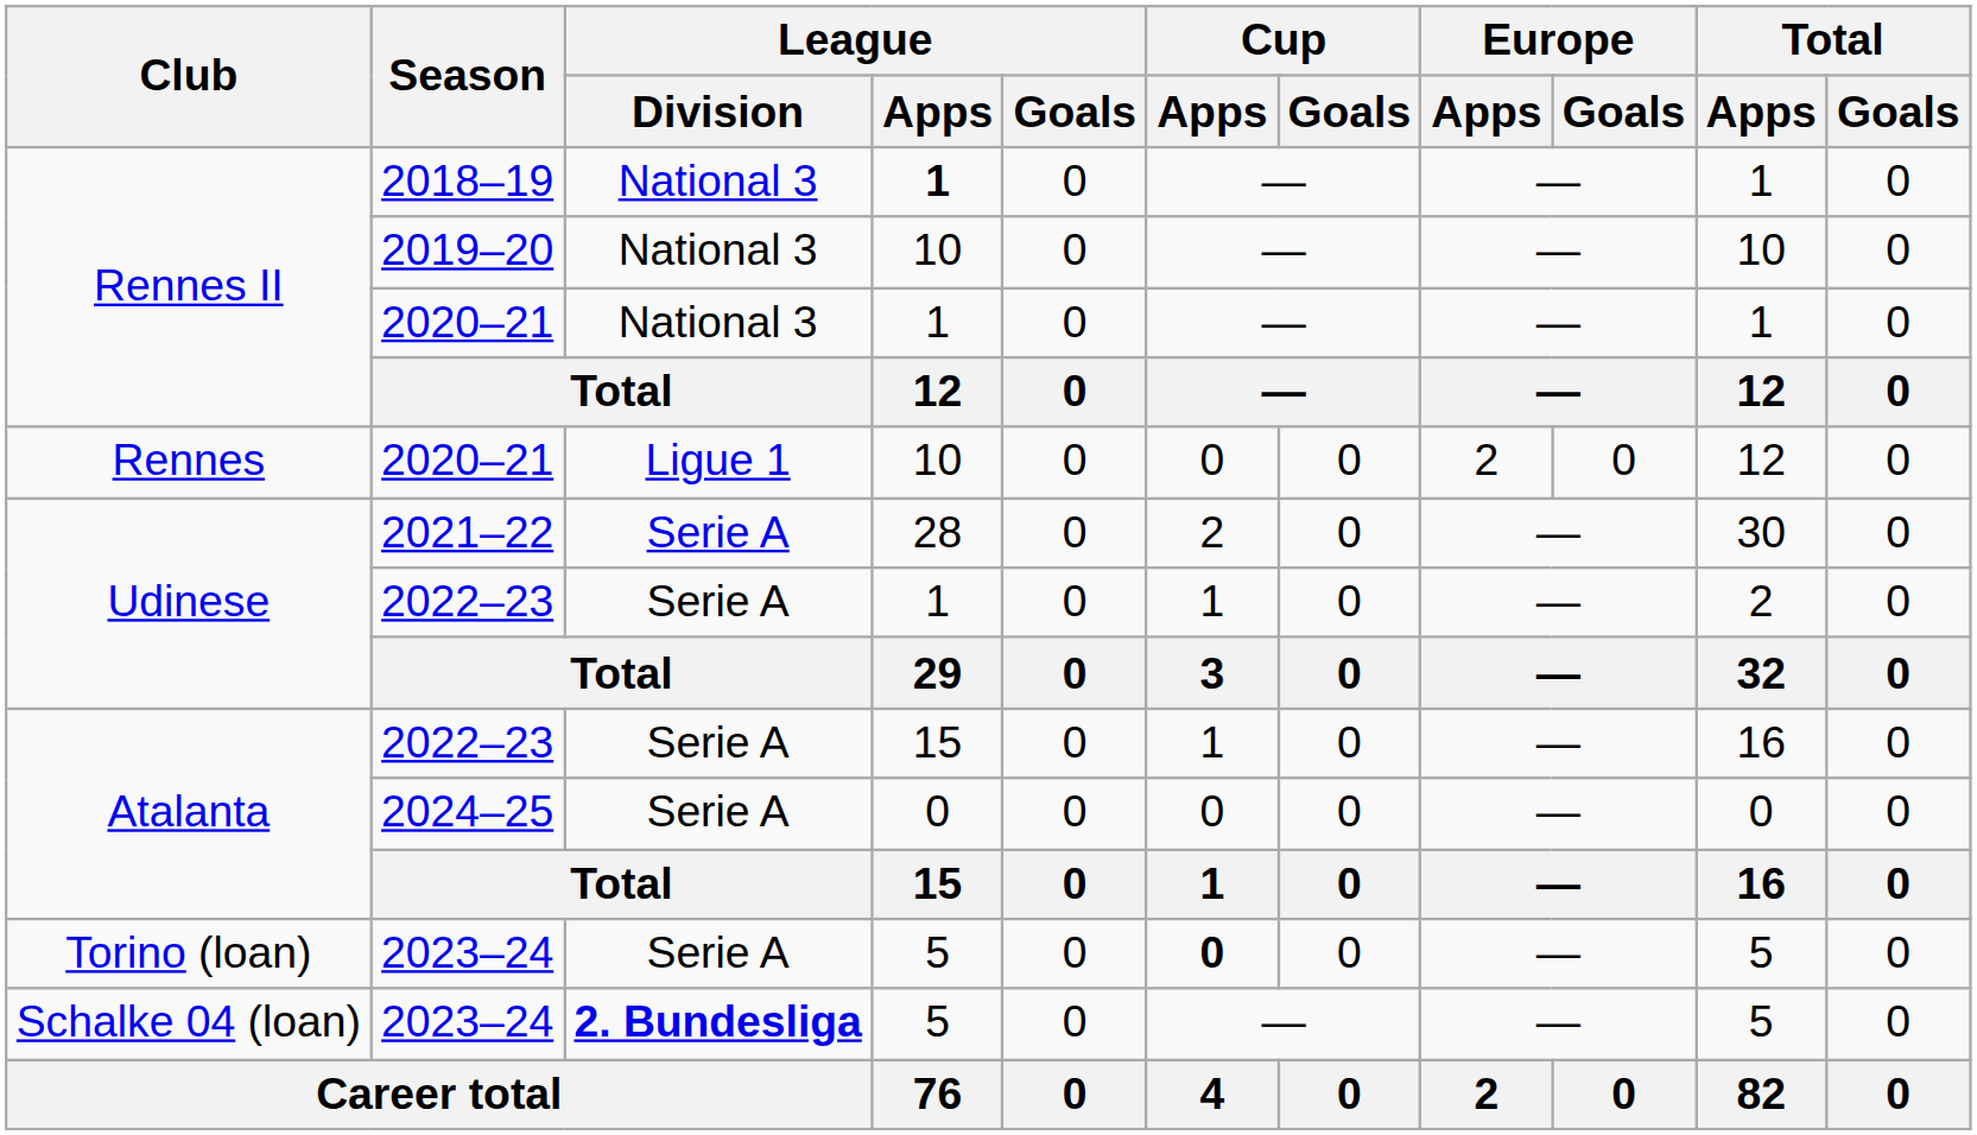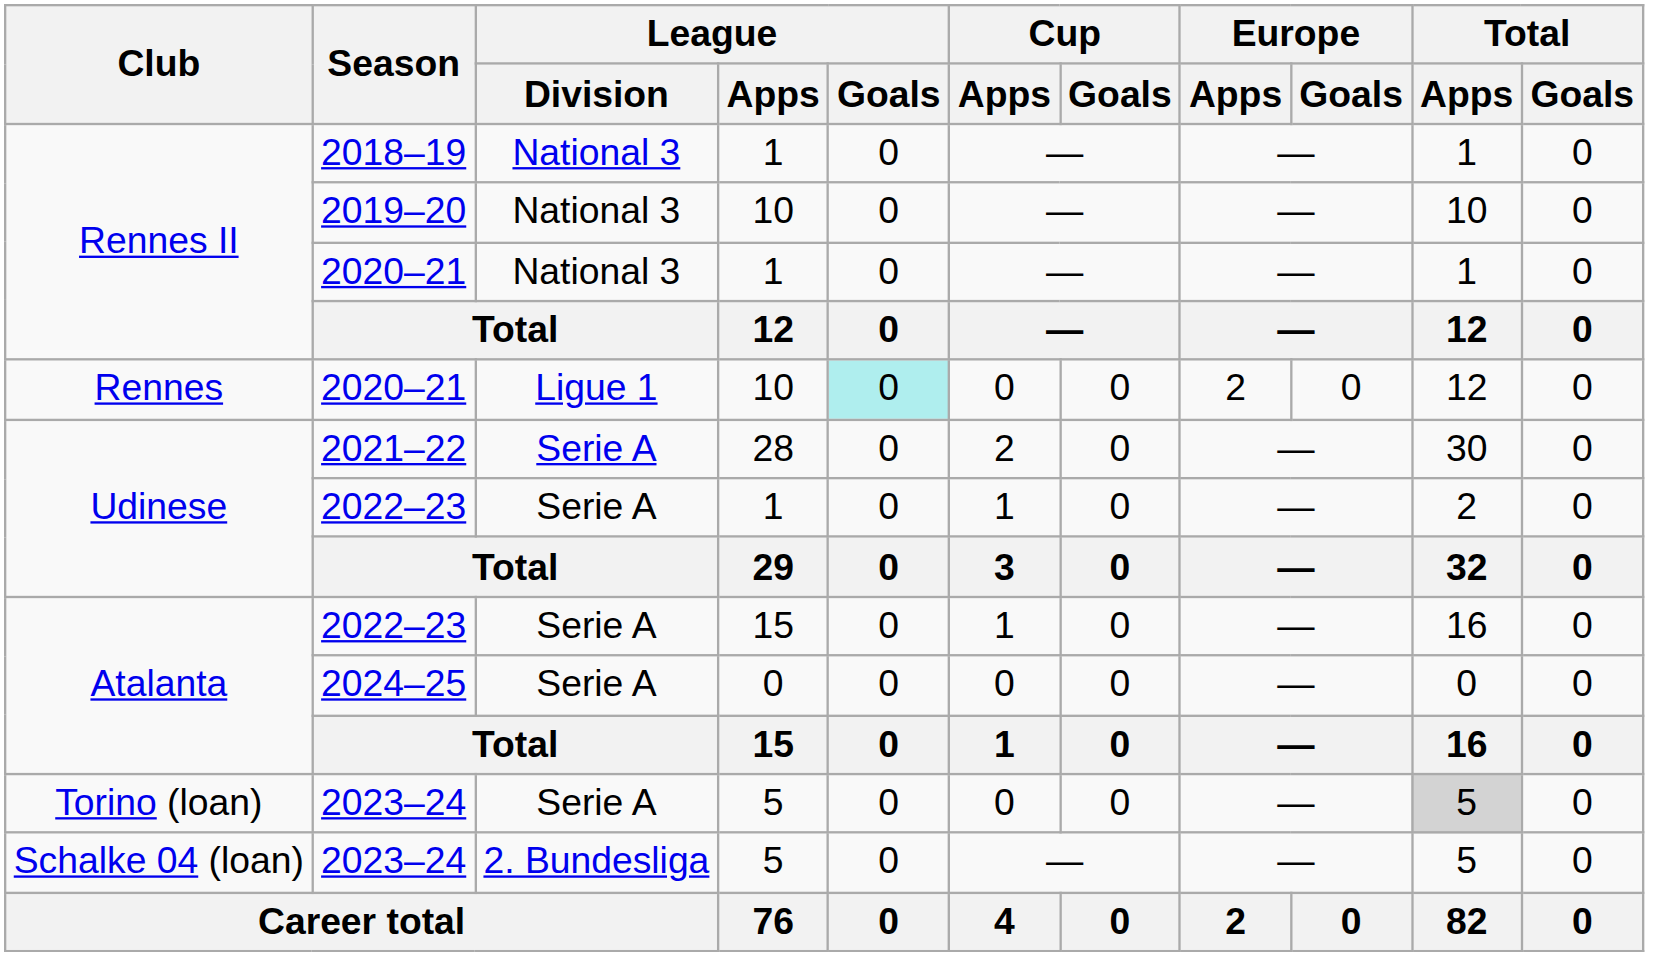 <table class="wikitable" style="text-align:center;">
 <tr>
 <th rowspan="2">Club</th>
 <th rowspan="2">Season</th>
 <th colspan="3">League</th>
 <th colspan="2">Cup</th>
 <th colspan="2">Europe</th>
 <th colspan="2">Total</th>
 </tr>
 <tr>
 <th>Division</th>
 <th>Apps</th>
 <th>Goals</th>
 <th>Apps</th>
 <th>Goals</th>
 <th>Apps</th>
 <th>Goals</th>
 <th>Apps</th>
 <th>Goals</th>
 </tr>
 <tr>
 <td rowspan="4"><a href='#'>Rennes II</a></td>
 <td><a href='#'>2018–19</a></td>
 <td><a href='#'>National 3</a></td>
-<td><strong>1</strong></td>
+<td>1</td>
 <td>0</td>
 <td colspan="2">—</td>
 <td colspan="2">—</td>
 <td>1</td>
 <td>0</td>
 </tr>
 <tr>
 <td><a href='#'>2019–20</a></td>
 <td>National 3</td>
 <td>10</td>
 <td>0</td>
 <td colspan="2">—</td>
 <td colspan="2">—</td>
 <td>10</td>
 <td>0</td>
 </tr>
 <tr>
 <td><a href='#'>2020–21</a></td>
 <td>National 3</td>
 <td>1</td>
 <td>0</td>
 <td colspan="2">—</td>
 <td colspan="2">—</td>
 <td>1</td>
 <td>0</td>
 </tr>
 <tr>
 <th colspan="2">Total</th>
 <th>12</th>
 <th>0</th>
 <th colspan="2">—</th>
 <th colspan="2">—</th>
 <th>12</th>
 <th>0</th>
 </tr>
 <tr>
 <td><a href='#'>Rennes</a></td>
 <td><a href='#'>2020–21</a></td>
 <td><a href='#'>Ligue 1</a></td>
 <td>10</td>
-<td>0</td>
+<td style="background: paleturquoise;">0</td>
 <td>0</td>
 <td>0</td>
 <td>2</td>
 <td>0</td>
 <td>12</td>
 <td>0</td>
 </tr>
 <tr>
 <td rowspan="3"><a href='#'>Udinese</a></td>
 <td><a href='#'>2021–22</a></td>
 <td><a href='#'>Serie A</a></td>
 <td>28</td>
 <td>0</td>
 <td>2</td>
 <td>0</td>
 <td colspan="2">—</td>
 <td>30</td>
 <td>0</td>
 </tr>
 <tr>
 <td><a href='#'>2022–23</a></td>
 <td>Serie A</td>
 <td>1</td>
 <td>0</td>
 <td>1</td>
 <td>0</td>
 <td colspan="2">—</td>
 <td>2</td>
 <td>0</td>
 </tr>
 <tr>
 <th colspan="2">Total</th>
 <th>29</th>
 <th>0</th>
 <th>3</th>
 <th>0</th>
 <th colspan="2">—</th>
 <th>32</th>
 <th>0</th>
 </tr>
 <tr>
 <td rowspan="3"><a href='#'>Atalanta</a></td>
 <td><a href='#'>2022–23</a></td>
 <td>Serie A</td>
 <td>15</td>
 <td>0</td>
 <td>1</td>
 <td>0</td>
 <td colspan="2">—</td>
 <td>16</td>
 <td>0</td>
 </tr>
 <tr>
 <td><a href='#'>2024–25</a></td>
 <td>Serie A</td>
 <td>0</td>
 <td>0</td>
 <td>0</td>
 <td>0</td>
 <td colspan="2">—</td>
 <td>0</td>
 <td>0</td>
 </tr>
 <tr>
 <th colspan="2">Total</th>
 <th>15</th>
 <th>0</th>
 <th>1</th>
 <th>0</th>
 <th colspan="2">—</th>
 <th>16</th>
 <th>0</th>
 </tr>
 <tr>
 <td><a href='#'>Torino</a> (loan)</td>
 <td><a href='#'>2023–24</a></td>
 <td>Serie A</td>
 <td>5</td>
 <td>0</td>
-<td><strong>0</strong></td>
+<td>0</td>
 <td>0</td>
 <td colspan="2">—</td>
-<td>5</td>
+<td style="background: lightgrey;">5</td>
 <td>0</td>
 </tr>
 <tr>
 <td><a href='#'>Schalke 04</a> (loan)</td>
 <td><a href='#'>2023–24</a></td>
-<td><strong><a href='#'>2. Bundesliga</a></strong></td>
+<td><a href='#'>2. Bundesliga</a></td>
 <td>5</td>
 <td>0</td>
 <td colspan="2">—</td>
 <td colspan="2">—</td>
 <td>5</td>
 <td>0</td>
 </tr>
 <tr>
 <th colspan="3">Career total</th>
 <th>76</th>
 <th>0</th>
 <th>4</th>
 <th>0</th>
 <th>2</th>
 <th>0</th>
 <th>82</th>
 <th>0</th>
 </tr>
 </table>
